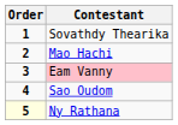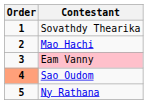 <table class="wikitable">
 <tr>
 <th>Order</th>
 <th>Contestant</th>
 </tr>
 <tr>
 <td align="center"><strong>1</strong></td>
 <td>Sovathdy Thearika</td>
 </tr>
 <tr>
 <td align="center"><strong>2</strong></td>
 <td><a href='#'>Mao Hachi</a></td>
 </tr>
 <tr>
 <td align="center"><strong>3</strong></td>
 <td style="background:pink">Eam Vanny</td>
 </tr>
 <tr>
-<td align="center"><strong>4</strong></td>
+<td align="center" style="background: lightsalmon;"><strong>4</strong></td>
 <td><a href='#'>Sao Oudom</a></td>
 </tr>
 <tr>
-<td align="center" style="background: lightyellow;"><strong>5</strong></td>
+<td align="center"><strong>5</strong></td>
 <td><a href='#'>Ny Rathana</a></td>
 </tr>
 </table>
